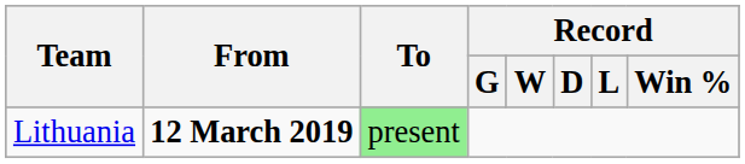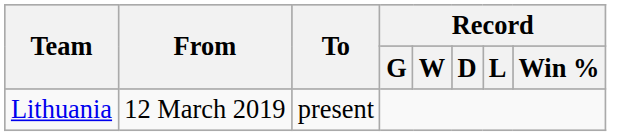 <table class="wikitable" style="text-align: center">
 <tr>
 <th rowspan="2">Team</th>
 <th rowspan="2">From</th>
 <th rowspan="2">To</th>
 <th colspan="5">Record</th>
 </tr>
 <tr>
 <th>G</th>
 <th>W</th>
 <th>D</th>
 <th>L</th>
 <th>Win %</th>
 </tr>
 <tr>
 <td align=left><a href='#'>Lithuania</a></td>
-<td align=left><strong>12 March 2019</strong></td>
-<td align=left style="background: lightgreen;">present<br></td>
+<td align=left>12 March 2019</td>
+<td align=left>present<br></td>
 </tr>
 </table>
